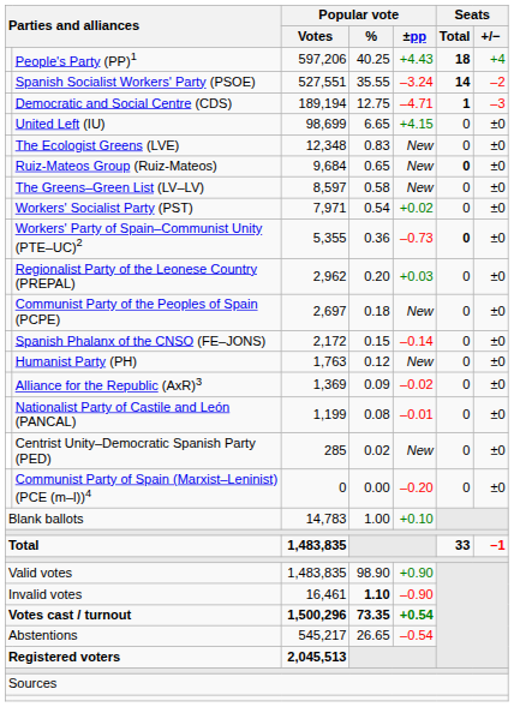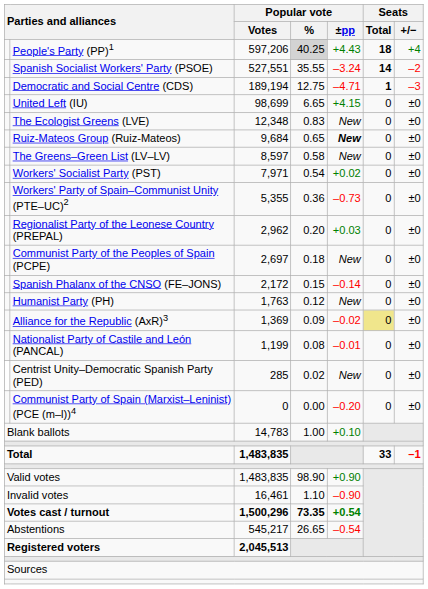 <table class="wikitable" style="text-align:right;">
 <tr>
 <th style="text-align:left;" rowspan="2" colspan="2" width="525">Parties and alliances</th>
 <th colspan="3">Popular vote</th>
 <th colspan="2">Seats</th>
 </tr>
 <tr>
 <th width="75">Votes</th>
 <th width="45">%</th>
 <th width="45">±<a href='#'>pp</a></th>
 <th width="35">Total</th>
 <th width="35">+/−</th>
 </tr>
 <tr>
 <td width="1" style="color:inherit;background:"></td>
 <td align="left"><a href='#'>People's Party</a> (PP)<sup>1</sup></td>
 <td>597,206</td>
-<td>40.25</td>
+<td style="background: lightgrey;">40.25</td>
 <td style="color:green;">+4.43</td>
 <td><strong>18</strong></td>
 <td style="color:green;">+4</td>
 </tr>
 <tr>
 <td style="color:inherit;background:"></td>
 <td align="left"><a href='#'>Spanish Socialist Workers' Party</a> (PSOE)</td>
 <td>527,551</td>
 <td>35.55</td>
 <td style="color:red;">–3.24</td>
 <td><strong>14</strong></td>
 <td style="color:red;">–2</td>
 </tr>
 <tr>
 <td style="color:inherit;background:"></td>
 <td align="left"><a href='#'>Democratic and Social Centre</a> (CDS)</td>
 <td>189,194</td>
 <td>12.75</td>
 <td style="color:red;">–4.71</td>
 <td><strong>1</strong></td>
 <td style="color:red;">–3</td>
 </tr>
 <tr>
 <td style="color:inherit;background:"></td>
 <td align="left"><a href='#'>United Left</a> (IU)</td>
 <td>98,699</td>
 <td>6.65</td>
 <td style="color:green;">+4.15</td>
 <td>0</td>
 <td>±0</td>
 </tr>
 <tr>
 <td style="color:inherit;background:"></td>
 <td align="left"><a href='#'>The Ecologist Greens</a> (LVE)</td>
 <td>12,348</td>
 <td>0.83</td>
 <td><em>New</em></td>
 <td>0</td>
 <td>±0</td>
 </tr>
 <tr>
 <td style="color:inherit;background:"></td>
 <td align="left"><a href='#'>Ruiz-Mateos Group</a> (Ruiz-Mateos)</td>
 <td>9,684</td>
 <td>0.65</td>
-<td><em>New</em></td>
-<td><strong>0</strong></td>
+<td><strong><em>New</em></strong></td>
+<td>0</td>
 <td>±0</td>
 </tr>
 <tr>
 <td style="color:inherit;background:"></td>
 <td align="left"><a href='#'>The Greens–Green List</a> (LV–LV)</td>
 <td>8,597</td>
 <td>0.58</td>
 <td><em>New</em></td>
 <td>0</td>
 <td>±0</td>
 </tr>
 <tr>
 <td style="color:inherit;background:"></td>
 <td align="left"><a href='#'>Workers' Socialist Party</a> (PST)</td>
 <td>7,971</td>
 <td>0.54</td>
 <td style="color:green;">+0.02</td>
 <td>0</td>
 <td>±0</td>
 </tr>
 <tr>
 <td style="color:inherit;background:"></td>
 <td align="left"><a href='#'>Workers' Party of Spain–Communist Unity</a> (PTE–UC)<sup>2</sup></td>
 <td>5,355</td>
 <td>0.36</td>
 <td style="color:red;">–0.73</td>
-<td><strong>0</strong></td>
+<td>0</td>
 <td>±0</td>
 </tr>
 <tr>
 <td style="color:inherit;background:"></td>
 <td align="left"><a href='#'>Regionalist Party of the Leonese Country</a> (PREPAL)</td>
 <td>2,962</td>
 <td>0.20</td>
 <td style="color:green;">+0.03</td>
 <td>0</td>
 <td>±0</td>
 </tr>
 <tr>
 <td style="color:inherit;background:"></td>
 <td align="left"><a href='#'>Communist Party of the Peoples of Spain</a> (PCPE)</td>
 <td>2,697</td>
 <td>0.18</td>
 <td><em>New</em></td>
 <td>0</td>
 <td>±0</td>
 </tr>
 <tr>
 <td style="color:inherit;background:"></td>
 <td align="left"><a href='#'>Spanish Phalanx of the CNSO</a> (FE–JONS)</td>
 <td>2,172</td>
 <td>0.15</td>
 <td style="color:red;">–0.14</td>
 <td>0</td>
 <td>±0</td>
 </tr>
 <tr>
 <td style="color:inherit;background:"></td>
 <td align="left"><a href='#'>Humanist Party</a> (PH)</td>
 <td>1,763</td>
 <td>0.12</td>
 <td><em>New</em></td>
 <td>0</td>
 <td>±0</td>
 </tr>
 <tr>
 <td style="color:inherit;background:"></td>
 <td align="left"><a href='#'>Alliance for the Republic</a> (AxR)<sup>3</sup></td>
 <td>1,369</td>
 <td>0.09</td>
 <td style="color:red;">–0.02</td>
-<td>0</td>
+<td style="background: khaki;">0</td>
 <td>±0</td>
 </tr>
 <tr>
 <td style="color:inherit;background:"></td>
 <td align="left"><a href='#'>Nationalist Party of Castile and León</a> (PANCAL)</td>
 <td>1,199</td>
 <td>0.08</td>
 <td style="color:red;">–0.01</td>
 <td>0</td>
 <td>±0</td>
 </tr>
 <tr>
 <td bgcolor="white"></td>
 <td align="left">Centrist Unity–Democratic Spanish Party (PED)</td>
 <td>285</td>
 <td>0.02</td>
 <td><em>New</em></td>
 <td>0</td>
 <td>±0</td>
 </tr>
 <tr>
 <td style="color:inherit;background:"></td>
 <td align="left"><a href='#'>Communist Party of Spain (Marxist–Leninist)</a> (PCE (m–l))<sup>4</sup></td>
 <td>0</td>
 <td>0.00</td>
 <td style="color:red;">–0.20</td>
 <td>0</td>
 <td>±0</td>
 </tr>
 <tr>
 <td align="left" colspan="2">Blank ballots</td>
 <td>14,783</td>
 <td>1.00</td>
 <td style="color:green;">+0.10</td>
 <td bgcolor="#E9E9E9" colspan="2"></td>
 </tr>
 <tr>
 <td colspan="7" bgcolor="#E9E9E9"></td>
 </tr>
 <tr style="font-weight:bold;">
 <td align="left" colspan="2">Total</td>
 <td>1,483,835</td>
 <td bgcolor="#E9E9E9" colspan="2"></td>
 <td>33</td>
 <td style="color:red;">–1</td>
 </tr>
 <tr>
 <td colspan="7" bgcolor="#E9E9E9"></td>
 </tr>
 <tr>
 <td align="left" colspan="2">Valid votes</td>
 <td>1,483,835</td>
 <td>98.90</td>
 <td style="color:green;">+0.90</td>
 <td bgcolor="#E9E9E9" colspan="2" rowspan="5"></td>
 </tr>
 <tr>
 <td align="left" colspan="2">Invalid votes</td>
 <td>16,461</td>
-<td><strong>1.10</strong></td>
+<td>1.10</td>
 <td style="color:red;">–0.90</td>
 </tr>
 <tr style="font-weight:bold;">
 <td align="left" colspan="2">Votes cast / turnout</td>
 <td>1,500,296</td>
 <td>73.35</td>
 <td style="color:green;">+0.54</td>
 </tr>
 <tr>
 <td align="left" colspan="2">Abstentions</td>
 <td>545,217</td>
 <td>26.65</td>
 <td style="color:red;">–0.54</td>
 </tr>
 <tr style="font-weight:bold;">
 <td align="left" colspan="2">Registered voters</td>
 <td>2,045,513</td>
 <td bgcolor="#E9E9E9" colspan="2"></td>
 </tr>
 <tr>
 <td colspan="7" bgcolor="#E9E9E9"></td>
 </tr>
 <tr>
 <td align="left" colspan="7">Sources</td>
 </tr>
 <tr>
 <td colspan="7" style="text-align:left; max-width:790px;"></td>
 </tr>
 </table>
